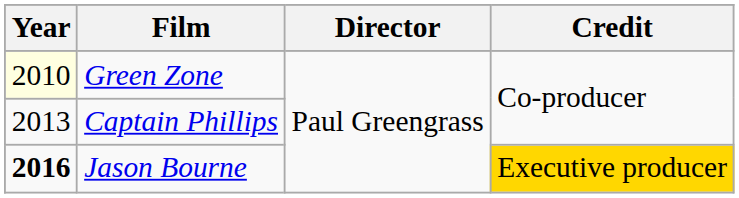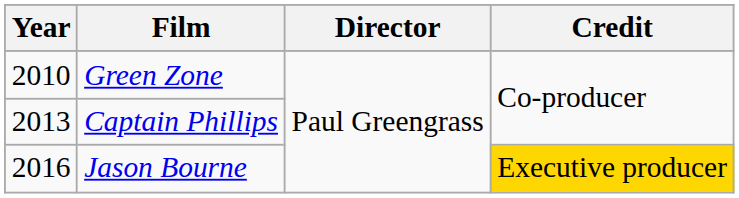 <table class="wikitable">
 <tr>
 <th>Year</th>
 <th>Film</th>
 <th>Director</th>
 <th>Credit</th>
 </tr>
 <tr>
-<td style="background: lightyellow;">2010</td>
+<td>2010</td>
 <td><em><a href='#'>Green Zone</a></em></td>
 <td rowspan=3>Paul Greengrass</td>
 <td rowspan=2>Co-producer</td>
 </tr>
 <tr>
 <td>2013</td>
 <td><em><a href='#'>Captain Phillips</a></em></td>
 </tr>
 <tr>
-<td><strong>2016</strong></td>
+<td>2016</td>
 <td><em><a href='#'>Jason Bourne</a></em></td>
 <td style="background: gold;">Executive producer</td>
 </tr>
 </table>
